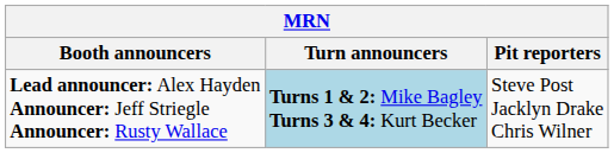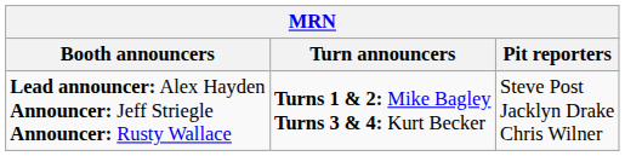 <table class="wikitable" style="font-size: 95%">
 <tr>
 <th colspan="3"><a href='#'>MRN</a></th>
 </tr>
 <tr>
 <th>Booth announcers</th>
 <th>Turn announcers</th>
 <th>Pit reporters</th>
 </tr>
 <tr>
 <td><strong>Lead announcer:</strong> Alex Hayden<br><strong>Announcer:</strong> Jeff Striegle<br><strong>Announcer:</strong> <a href='#'>Rusty Wallace</a></td>
-<td style="background: lightblue;"><strong>Turns 1 & 2:</strong> <a href='#'>Mike Bagley</a><br><strong>Turns 3 & 4:</strong> Kurt Becker</td>
+<td><strong>Turns 1 & 2:</strong> <a href='#'>Mike Bagley</a><br><strong>Turns 3 & 4:</strong> Kurt Becker</td>
 <td>Steve Post<br>Jacklyn Drake<br>Chris Wilner</td>
 </tr>
 </table>
